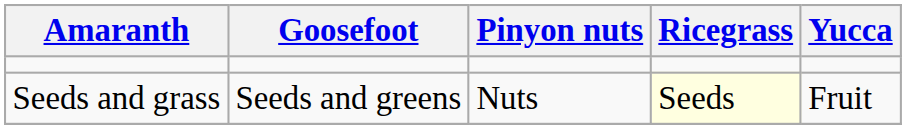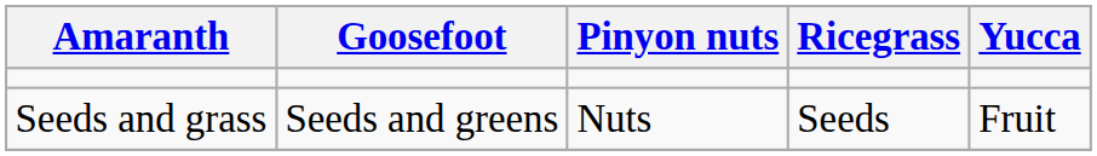 <table class="wikitable">
 <tr>
 <th scope="col"><a href='#'>Amaranth</a></th>
 <th scope="col"><a href='#'>Goosefoot</a></th>
 <th scope="col"><a href='#'>Pinyon nuts</a></th>
 <th scope="col"><a href='#'>Ricegrass</a></th>
 <th scope="col"><a href='#'>Yucca</a></th>
 </tr>
 <tr valign="top">
 <td></td>
 <td></td>
 <td></td>
 <td></td>
 <td></td>
 </tr>
 <tr valign="top">
 <td>Seeds and grass</td>
 <td>Seeds and greens</td>
 <td>Nuts</td>
-<td style="background: lightyellow;">Seeds</td>
+<td>Seeds</td>
 <td>Fruit</td>
 </tr>
 <tr>
 </tr>
 </table>
